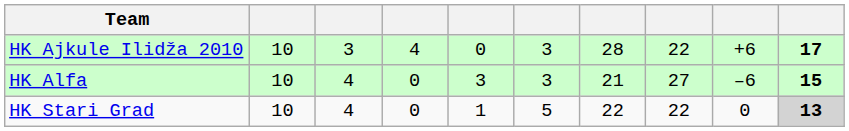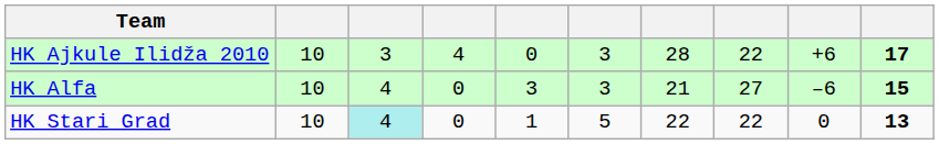 <table class="wikitable" style="text-align:center;">
 <tr>
 <th width=165>Team</th>
 <th width=40></th>
 <th width=40></th>
 <th width=40></th>
 <th width=40></th>
 <th width=40></th>
 <th width=40></th>
 <th width=40></th>
 <th width=40></th>
 <th width=40></th>
 </tr>
 <tr bgcolor="#ccffcc">
 <td style="text-align:left;"><a href='#'>HK Ajkule Ilidža 2010</a></td>
 <td>10</td>
 <td>3</td>
 <td>4</td>
 <td>0</td>
 <td>3</td>
 <td>28</td>
 <td>22</td>
 <td>+6</td>
 <td><strong>17</strong></td>
 </tr>
 <tr bgcolor="#ccffcc">
 <td style="text-align:left;"><a href='#'>HK Alfa</a></td>
 <td>10</td>
 <td>4</td>
 <td>0</td>
 <td>3</td>
 <td>3</td>
 <td>21</td>
 <td>27</td>
 <td>–6</td>
 <td><strong>15</strong></td>
 </tr>
 <tr>
 <td style="text-align:left;"><a href='#'>HK Stari Grad</a></td>
 <td>10</td>
-<td>4</td>
+<td style="background: paleturquoise;">4</td>
 <td>0</td>
 <td>1</td>
 <td>5</td>
 <td>22</td>
 <td>22</td>
 <td>0</td>
-<td style="background: lightgrey;"><strong>13</strong></td>
+<td><strong>13</strong></td>
 </tr>
 </table>
